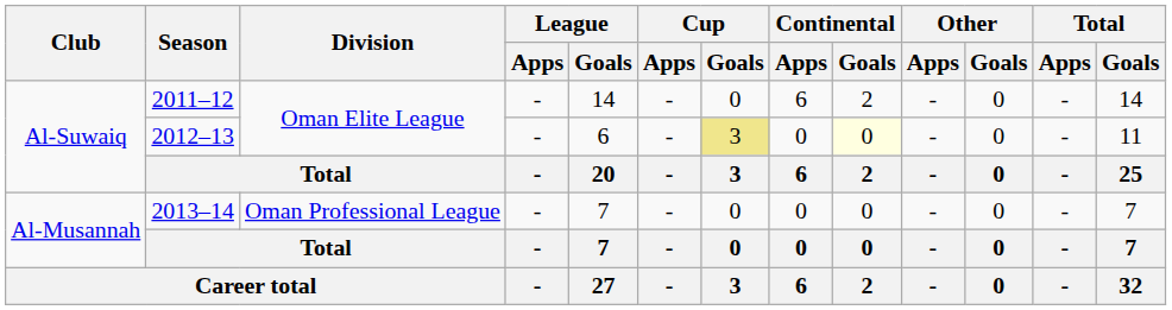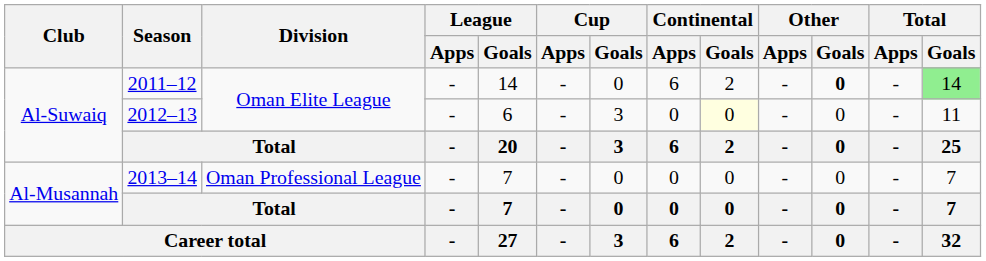 <table class="wikitable" style="text-align: center;">
 <tr>
 <th rowspan="2">Club</th>
 <th rowspan="2">Season</th>
 <th rowspan="2">Division</th>
 <th colspan="2">League</th>
 <th colspan="2">Cup</th>
 <th colspan="2">Continental</th>
 <th colspan="2">Other</th>
 <th colspan="2">Total</th>
 </tr>
 <tr>
 <th>Apps</th>
 <th>Goals</th>
 <th>Apps</th>
 <th>Goals</th>
 <th>Apps</th>
 <th>Goals</th>
 <th>Apps</th>
 <th>Goals</th>
 <th>Apps</th>
 <th>Goals</th>
 </tr>
 <tr>
 <td rowspan="3"><a href='#'>Al-Suwaiq</a></td>
 <td><a href='#'>2011–12</a></td>
 <td rowspan="2"><a href='#'>Oman Elite League</a></td>
 <td>-</td>
 <td>14</td>
 <td>-</td>
 <td>0</td>
 <td>6</td>
 <td>2</td>
 <td>-</td>
-<td>0</td>
+<td><strong>0</strong></td>
 <td>-</td>
-<td>14</td>
+<td style="background: lightgreen;">14</td>
 </tr>
 <tr>
 <td><a href='#'>2012–13</a></td>
 <td>-</td>
 <td>6</td>
 <td>-</td>
-<td style="background: khaki;">3</td>
+<td>3</td>
 <td>0</td>
 <td style="background: lightyellow;">0</td>
 <td>-</td>
 <td>0</td>
 <td>-</td>
 <td>11</td>
 </tr>
 <tr>
 <th colspan="2">Total</th>
 <th>-</th>
 <th>20</th>
 <th>-</th>
 <th>3</th>
 <th>6</th>
 <th>2</th>
 <th>-</th>
 <th>0</th>
 <th>-</th>
 <th>25</th>
 </tr>
 <tr>
 <td rowspan="2"><a href='#'>Al-Musannah</a></td>
 <td><a href='#'>2013–14</a></td>
 <td rowspan="1"><a href='#'>Oman Professional League</a></td>
 <td>-</td>
 <td>7</td>
 <td>-</td>
 <td>0</td>
 <td>0</td>
 <td>0</td>
 <td>-</td>
 <td>0</td>
 <td>-</td>
 <td>7</td>
 </tr>
 <tr>
 <th colspan="2">Total</th>
 <th>-</th>
 <th>7</th>
 <th>-</th>
 <th>0</th>
 <th>0</th>
 <th>0</th>
 <th>-</th>
 <th>0</th>
 <th>-</th>
 <th>7</th>
 </tr>
 <tr>
 <th colspan="3">Career total</th>
 <th>-</th>
 <th>27</th>
 <th>-</th>
 <th>3</th>
 <th>6</th>
 <th>2</th>
 <th>-</th>
 <th>0</th>
 <th>-</th>
 <th>32</th>
 </tr>
 </table>
